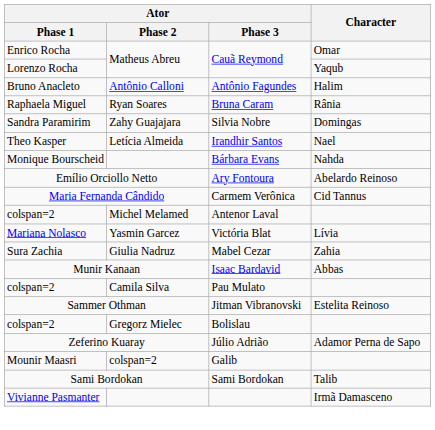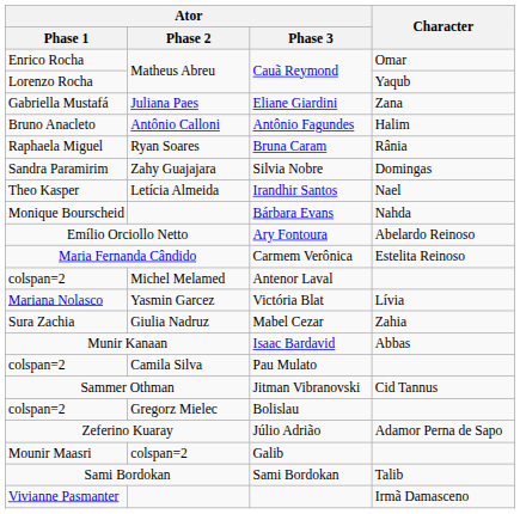 <table class="wikitable">
 <tr>
 <th colspan="3">Ator</th>
 <th rowspan="2">Character</th>
 </tr>
 <tr>
 <th style="width:24%;">Phase 1</th>
 <th style="width:24%;">Phase 2</th>
 <th style="width:24%;">Phase 3</th>
 </tr>
 <tr>
 <td>Enrico Rocha</td>
 <td rowspan=2>Matheus Abreu</td>
 <td rowspan=2><a href='#'>Cauã Reymond</a></td>
 <td>Omar</td>
 </tr>
 <tr>
 <td>Lorenzo Rocha</td>
 <td>Yaqub</td>
+</tr>
+<tr>
+<td>Gabriella Mustafá</td>
+<td><a href='#'>Juliana Paes</a></td>
+<td><a href='#'>Eliane Giardini</a></td>
+<td>Zana</td>
 </tr>
 <tr>
 <td>Bruno Anacleto</td>
 <td><a href='#'>Antônio Calloni</a></td>
 <td><a href='#'>Antônio Fagundes</a></td>
 <td>Halim</td>
 </tr>
 <tr>
 <td>Raphaela Miguel</td>
 <td>Ryan Soares</td>
 <td><a href='#'>Bruna Caram</a></td>
 <td>Rânia</td>
 </tr>
 <tr>
 <td>Sandra Paramirim</td>
 <td>Zahy Guajajara</td>
 <td>Silvia Nobre</td>
 <td>Domingas</td>
 </tr>
 <tr>
 <td>Theo Kasper</td>
 <td>Letícia Almeida</td>
 <td><a href='#'>Irandhir Santos</a></td>
 <td>Nael</td>
 </tr>
 <tr>
 <td>Monique Bourscheid</td>
 <td></td>
 <td><a href='#'>Bárbara Evans</a></td>
 <td>Nahda</td>
 </tr>
 <tr>
 <td colspan=2 style="text-align:center;">Emílio Orciollo Netto</td>
 <td><a href='#'>Ary Fontoura</a></td>
 <td>Abelardo Reinoso</td>
 </tr>
 <tr>
 <td colspan=2 style="text-align:center;"><a href='#'>Maria Fernanda Cândido</a></td>
 <td>Carmem Verônica</td>
-<td>Cid Tannus</td>
+<td>Estelita Reinoso</td>
 </tr>
 <tr>
 <td>colspan=2 </td>
 <td>Michel Melamed</td>
 <td>Antenor Laval</td>
 </tr>
 <tr>
 <td><a href='#'>Mariana Nolasco</a></td>
 <td>Yasmin Garcez</td>
 <td>Victória Blat</td>
 <td>Lívia</td>
 </tr>
 <tr>
 <td>Sura Zachia</td>
 <td>Giulia Nadruz</td>
 <td>Mabel Cezar</td>
 <td>Zahia</td>
 </tr>
 <tr>
 <td colspan=2 style="text-align:center;">Munir Kanaan</td>
 <td><a href='#'>Isaac Bardavid</a></td>
 <td>Abbas</td>
 </tr>
 <tr>
 <td>colspan=2 </td>
 <td>Camila Silva</td>
 <td>Pau Mulato</td>
 </tr>
 <tr>
 <td colspan=2 style="text-align:center;">Sammer Othman</td>
 <td>Jitman Vibranovski</td>
-<td>Estelita Reinoso</td>
+<td>Cid Tannus</td>
 </tr>
 <tr>
 <td>colspan=2 </td>
 <td>Gregorz Mielec</td>
 <td>Bolislau</td>
 </tr>
 <tr>
 <td colspan=2 style="text-align:center;">Zeferino Kuaray</td>
 <td>Júlio Adrião</td>
 <td>Adamor Perna de Sapo</td>
 </tr>
 <tr>
 <td>Mounir Maasri</td>
 <td>colspan=2 </td>
 <td>Galib</td>
 </tr>
 <tr>
 <td colspan=2 style="text-align:center;">Sami Bordokan</td>
 <td>Sami Bordokan</td>
 <td>Talib</td>
 </tr>
 <tr>
 <td><a href='#'>Vivianne Pasmanter</a></td>
 <td></td>
 <td></td>
 <td>Irmã Damasceno</td>
 </tr>
 </table>
